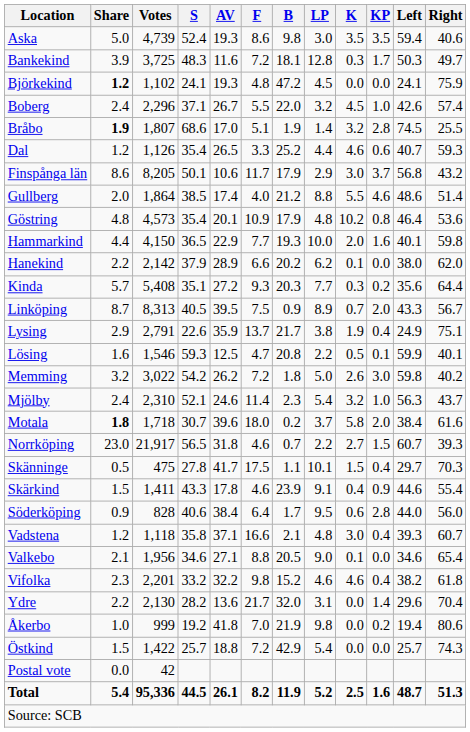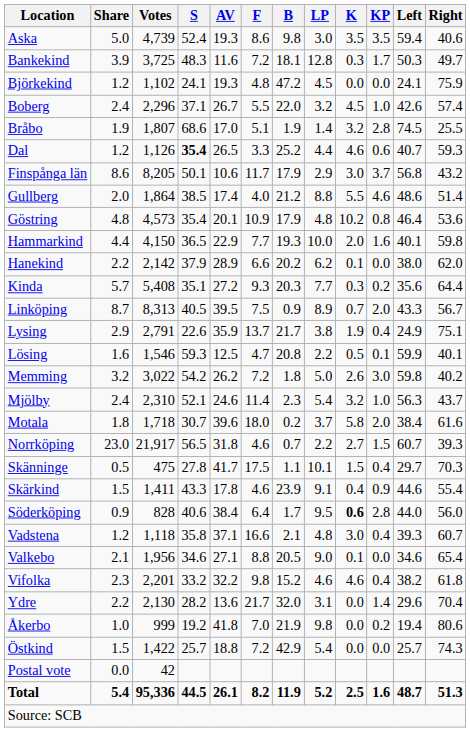 <table class="wikitable sortable" style=text-align:right>
 <tr>
 <th>Location</th>
 <th>Share</th>
 <th>Votes</th>
 <th><a href='#'>S</a></th>
 <th><a href='#'>AV</a></th>
 <th><a href='#'>F</a></th>
 <th><a href='#'>B</a></th>
 <th><a href='#'>LP</a></th>
 <th><a href='#'>K</a></th>
 <th><a href='#'>KP</a></th>
 <th>Left</th>
 <th>Right</th>
 </tr>
 <tr>
 <td align=left><a href='#'>Aska</a></td>
 <td>5.0</td>
 <td>4,739</td>
 <td>52.4</td>
 <td>19.3</td>
 <td>8.6</td>
 <td>9.8</td>
 <td>3.0</td>
 <td>3.5</td>
 <td>3.5</td>
 <td>59.4</td>
 <td>40.6</td>
 </tr>
 <tr>
 <td align=left><a href='#'>Bankekind</a></td>
 <td>3.9</td>
 <td>3,725</td>
 <td>48.3</td>
 <td>11.6</td>
 <td>7.2</td>
 <td>18.1</td>
 <td>12.8</td>
 <td>0.3</td>
 <td>1.7</td>
 <td>50.3</td>
 <td>49.7</td>
 </tr>
 <tr>
 <td align=left><a href='#'>Björkekind</a></td>
-<td><strong>1.2</strong></td>
+<td>1.2</td>
 <td>1,102</td>
 <td>24.1</td>
 <td>19.3</td>
 <td>4.8</td>
 <td>47.2</td>
 <td>4.5</td>
 <td>0.0</td>
 <td>0.0</td>
 <td>24.1</td>
 <td>75.9</td>
 </tr>
 <tr>
 <td align=left><a href='#'>Boberg</a></td>
 <td>2.4</td>
 <td>2,296</td>
 <td>37.1</td>
 <td>26.7</td>
 <td>5.5</td>
 <td>22.0</td>
 <td>3.2</td>
 <td>4.5</td>
 <td>1.0</td>
 <td>42.6</td>
 <td>57.4</td>
 </tr>
 <tr>
 <td align=left><a href='#'>Bråbo</a></td>
-<td><strong>1.9</strong></td>
+<td>1.9</td>
 <td>1,807</td>
 <td>68.6</td>
 <td>17.0</td>
 <td>5.1</td>
 <td>1.9</td>
 <td>1.4</td>
 <td>3.2</td>
 <td>2.8</td>
 <td>74.5</td>
 <td>25.5</td>
 </tr>
 <tr>
 <td align=left><a href='#'>Dal</a></td>
 <td>1.2</td>
 <td>1,126</td>
-<td>35.4</td>
+<td><strong>35.4</strong></td>
 <td>26.5</td>
 <td>3.3</td>
 <td>25.2</td>
 <td>4.4</td>
 <td>4.6</td>
 <td>0.6</td>
 <td>40.7</td>
 <td>59.3</td>
 </tr>
 <tr>
 <td align=left><a href='#'>Finspånga län</a></td>
 <td>8.6</td>
 <td>8,205</td>
 <td>50.1</td>
 <td>10.6</td>
 <td>11.7</td>
 <td>17.9</td>
 <td>2.9</td>
 <td>3.0</td>
 <td>3.7</td>
 <td>56.8</td>
 <td>43.2</td>
 </tr>
 <tr>
 <td align=left><a href='#'>Gullberg</a></td>
 <td>2.0</td>
 <td>1,864</td>
 <td>38.5</td>
 <td>17.4</td>
 <td>4.0</td>
 <td>21.2</td>
 <td>8.8</td>
 <td>5.5</td>
 <td>4.6</td>
 <td>48.6</td>
 <td>51.4</td>
 </tr>
 <tr>
 <td align=left><a href='#'>Göstring</a></td>
 <td>4.8</td>
 <td>4,573</td>
 <td>35.4</td>
 <td>20.1</td>
 <td>10.9</td>
 <td>17.9</td>
 <td>4.8</td>
 <td>10.2</td>
 <td>0.8</td>
 <td>46.4</td>
 <td>53.6</td>
 </tr>
 <tr>
 <td align=left><a href='#'>Hammarkind</a></td>
 <td>4.4</td>
 <td>4,150</td>
 <td>36.5</td>
 <td>22.9</td>
 <td>7.7</td>
 <td>19.3</td>
 <td>10.0</td>
 <td>2.0</td>
 <td>1.6</td>
 <td>40.1</td>
 <td>59.8</td>
 </tr>
 <tr>
 <td align=left><a href='#'>Hanekind</a></td>
 <td>2.2</td>
 <td>2,142</td>
 <td>37.9</td>
 <td>28.9</td>
 <td>6.6</td>
 <td>20.2</td>
 <td>6.2</td>
 <td>0.1</td>
 <td>0.0</td>
 <td>38.0</td>
 <td>62.0</td>
 </tr>
 <tr>
 <td align=left><a href='#'>Kinda</a></td>
 <td>5.7</td>
 <td>5,408</td>
 <td>35.1</td>
 <td>27.2</td>
 <td>9.3</td>
 <td>20.3</td>
 <td>7.7</td>
 <td>0.3</td>
 <td>0.2</td>
 <td>35.6</td>
 <td>64.4</td>
 </tr>
 <tr>
 <td align=left><a href='#'>Linköping</a></td>
 <td>8.7</td>
 <td>8,313</td>
 <td>40.5</td>
 <td>39.5</td>
 <td>7.5</td>
 <td>0.9</td>
 <td>8.9</td>
 <td>0.7</td>
 <td>2.0</td>
 <td>43.3</td>
 <td>56.7</td>
 </tr>
 <tr>
 <td align=left><a href='#'>Lysing</a></td>
 <td>2.9</td>
 <td>2,791</td>
 <td>22.6</td>
 <td>35.9</td>
 <td>13.7</td>
 <td>21.7</td>
 <td>3.8</td>
 <td>1.9</td>
 <td>0.4</td>
 <td>24.9</td>
 <td>75.1</td>
 </tr>
 <tr>
 <td align=left><a href='#'>Lösing</a></td>
 <td>1.6</td>
 <td>1,546</td>
 <td>59.3</td>
 <td>12.5</td>
 <td>4.7</td>
 <td>20.8</td>
 <td>2.2</td>
 <td>0.5</td>
 <td>0.1</td>
 <td>59.9</td>
 <td>40.1</td>
 </tr>
 <tr>
 <td align=left><a href='#'>Memming</a></td>
 <td>3.2</td>
 <td>3,022</td>
 <td>54.2</td>
 <td>26.2</td>
 <td>7.2</td>
 <td>1.8</td>
 <td>5.0</td>
 <td>2.6</td>
 <td>3.0</td>
 <td>59.8</td>
 <td>40.2</td>
 </tr>
 <tr>
 <td align=left><a href='#'>Mjölby</a></td>
 <td>2.4</td>
 <td>2,310</td>
 <td>52.1</td>
 <td>24.6</td>
 <td>11.4</td>
 <td>2.3</td>
 <td>5.4</td>
 <td>3.2</td>
 <td>1.0</td>
 <td>56.3</td>
 <td>43.7</td>
 </tr>
 <tr>
 <td align=left><a href='#'>Motala</a></td>
-<td><strong>1.8</strong></td>
+<td>1.8</td>
 <td>1,718</td>
 <td>30.7</td>
 <td>39.6</td>
 <td>18.0</td>
 <td>0.2</td>
 <td>3.7</td>
 <td>5.8</td>
 <td>2.0</td>
 <td>38.4</td>
 <td>61.6</td>
 </tr>
 <tr>
 <td align=left><a href='#'>Norrköping</a></td>
 <td>23.0</td>
 <td>21,917</td>
 <td>56.5</td>
 <td>31.8</td>
 <td>4.6</td>
 <td>0.7</td>
 <td>2.2</td>
 <td>2.7</td>
 <td>1.5</td>
 <td>60.7</td>
 <td>39.3</td>
 </tr>
 <tr>
 <td align=left><a href='#'>Skänninge</a></td>
 <td>0.5</td>
 <td>475</td>
 <td>27.8</td>
 <td>41.7</td>
 <td>17.5</td>
 <td>1.1</td>
 <td>10.1</td>
 <td>1.5</td>
 <td>0.4</td>
 <td>29.7</td>
 <td>70.3</td>
 </tr>
 <tr>
 <td align=left><a href='#'>Skärkind</a></td>
 <td>1.5</td>
 <td>1,411</td>
 <td>43.3</td>
 <td>17.8</td>
 <td>4.6</td>
 <td>23.9</td>
 <td>9.1</td>
 <td>0.4</td>
 <td>0.9</td>
 <td>44.6</td>
 <td>55.4</td>
 </tr>
 <tr>
 <td align=left><a href='#'>Söderköping</a></td>
 <td>0.9</td>
 <td>828</td>
 <td>40.6</td>
 <td>38.4</td>
 <td>6.4</td>
 <td>1.7</td>
 <td>9.5</td>
-<td>0.6</td>
+<td><strong>0.6</strong></td>
 <td>2.8</td>
 <td>44.0</td>
 <td>56.0</td>
 </tr>
 <tr>
 <td align=left><a href='#'>Vadstena</a></td>
 <td>1.2</td>
 <td>1,118</td>
 <td>35.8</td>
 <td>37.1</td>
 <td>16.6</td>
 <td>2.1</td>
 <td>4.8</td>
 <td>3.0</td>
 <td>0.4</td>
 <td>39.3</td>
 <td>60.7</td>
 </tr>
 <tr>
 <td align=left><a href='#'>Valkebo</a></td>
 <td>2.1</td>
 <td>1,956</td>
 <td>34.6</td>
 <td>27.1</td>
 <td>8.8</td>
 <td>20.5</td>
 <td>9.0</td>
 <td>0.1</td>
 <td>0.0</td>
 <td>34.6</td>
 <td>65.4</td>
 </tr>
 <tr>
 <td align=left><a href='#'>Vifolka</a></td>
 <td>2.3</td>
 <td>2,201</td>
 <td>33.2</td>
 <td>32.2</td>
 <td>9.8</td>
 <td>15.2</td>
 <td>4.6</td>
 <td>4.6</td>
 <td>0.4</td>
 <td>38.2</td>
 <td>61.8</td>
 </tr>
 <tr>
 <td align=left><a href='#'>Ydre</a></td>
 <td>2.2</td>
 <td>2,130</td>
 <td>28.2</td>
 <td>13.6</td>
 <td>21.7</td>
 <td>32.0</td>
 <td>3.1</td>
 <td>0.0</td>
 <td>1.4</td>
 <td>29.6</td>
 <td>70.4</td>
 </tr>
 <tr>
 <td align=left><a href='#'>Åkerbo</a></td>
 <td>1.0</td>
 <td>999</td>
 <td>19.2</td>
 <td>41.8</td>
 <td>7.0</td>
 <td>21.9</td>
 <td>9.8</td>
 <td>0.0</td>
 <td>0.2</td>
 <td>19.4</td>
 <td>80.6</td>
 </tr>
 <tr>
 <td align=left><a href='#'>Östkind</a></td>
 <td>1.5</td>
 <td>1,422</td>
 <td>25.7</td>
 <td>18.8</td>
 <td>7.2</td>
 <td>42.9</td>
 <td>5.4</td>
 <td>0.0</td>
 <td>0.0</td>
 <td>25.7</td>
 <td>74.3</td>
 </tr>
 <tr>
 <td align=left><a href='#'>Postal vote</a></td>
 <td>0.0</td>
 <td>42</td>
 <td></td>
 <td></td>
 <td></td>
 <td></td>
 <td></td>
 <td></td>
 <td></td>
 <td></td>
 <td></td>
 </tr>
 <tr>
 <td align=left><strong>Total</strong></td>
 <td><strong>5.4</strong></td>
 <td><strong>95,336</strong></td>
 <td><strong>44.5</strong></td>
 <td><strong>26.1</strong></td>
 <td><strong>8.2</strong></td>
 <td><strong>11.9</strong></td>
 <td><strong>5.2</strong></td>
 <td><strong>2.5</strong></td>
 <td><strong>1.6</strong></td>
 <td><strong>48.7</strong></td>
 <td><strong>51.3</strong></td>
 </tr>
 <tr>
 <td align=left colspan=12>Source: SCB </td>
 </tr>
 </table>
